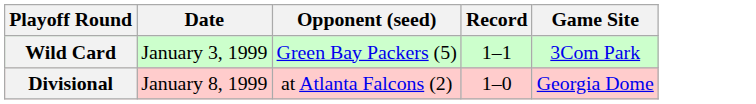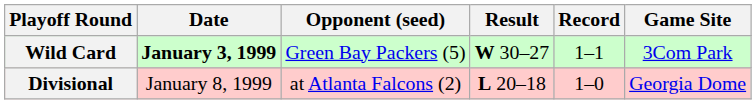 <table class="wikitable" style="text-align:center;">
 <tr>
 <th>Playoff Round</th>
 <th>Date</th>
 <th>Opponent (seed)</th>
+<th>Result</th>
 <th>Record</th>
 <th>Game Site</th>
 </tr>
 <tr style="background:#cfc;">
 <th>Wild Card</th>
-<td>January 3, 1999</td>
+<td><strong>January 3, 1999</strong></td>
 <td><a href='#'>Green Bay Packers</a> (5)</td>
+<td><strong>W</strong> 30–27</td>
 <td>1–1</td>
 <td><a href='#'>3Com Park</a></td>
 </tr>
 <tr style="background:#fcc;">
 <th>Divisional</th>
 <td>January 8, 1999</td>
 <td>at <a href='#'>Atlanta Falcons</a> (2)</td>
+<td><strong>L</strong> 20–18</td>
 <td>1–0</td>
 <td><a href='#'>Georgia Dome</a></td>
 </tr>
 </table>
